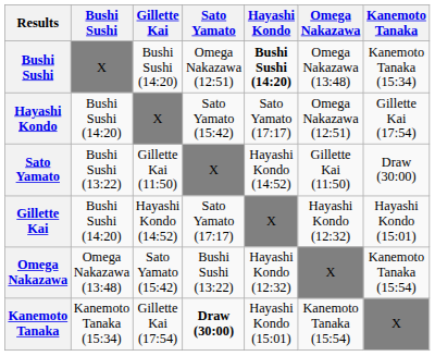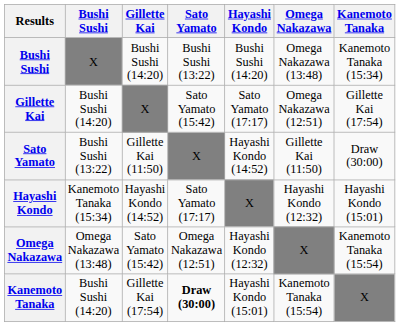 <table class="wikitable" style="text-align:center; margin: 1em auto 1em auto">
 <tr>
 <th>Results</th>
 <th><a href='#'>Bushi</a><br><a href='#'>Sushi</a></th>
 <th><a href='#'>Gillette</a><br><a href='#'>Kai</a></th>
 <th><a href='#'>Sato</a><br><a href='#'>Yamato</a></th>
 <th><a href='#'>Hayashi</a><br><a href='#'>Kondo</a></th>
 <th><a href='#'>Omega</a><br><a href='#'>Nakazawa</a></th>
 <th><a href='#'>Kanemoto</a><br><a href='#'>Tanaka</a></th>
 </tr>
 <tr>
 <th><a href='#'>Bushi</a><br><a href='#'>Sushi</a></th>
 <td bgcolor=grey>X</td>
 <td>Bushi<br>Sushi<br>(14:20)</td>
-<td>Omega<br>Nakazawa<br>(12:51)</td>
-<td><strong>Bushi<br>Sushi<br>(14:20)</strong></td>
+<td>Bushi<br>Sushi<br>(13:22)</td>
+<td>Bushi<br>Sushi<br>(14:20)</td>
 <td>Omega<br>Nakazawa<br>(13:48)</td>
 <td>Kanemoto<br>Tanaka<br>(15:34)</td>
 </tr>
 <tr>
-<th><a href='#'>Hayashi</a><br><a href='#'>Kondo</a></th>
+<th><a href='#'>Gillette</a><br><a href='#'>Kai</a></th>
 <td>Bushi<br>Sushi<br>(14:20)</td>
 <td bgcolor=grey>X</td>
 <td>Sato<br>Yamato<br>(15:42)</td>
 <td>Sato<br>Yamato<br>(17:17)</td>
 <td>Omega<br>Nakazawa<br>(12:51)</td>
 <td>Gillette<br>Kai<br>(17:54)</td>
 </tr>
 <tr>
 <th><a href='#'>Sato</a><br><a href='#'>Yamato</a></th>
 <td>Bushi<br>Sushi<br>(13:22)</td>
 <td>Gillette<br>Kai<br>(11:50)</td>
 <td bgcolor=grey>X</td>
 <td>Hayashi<br>Kondo<br>(14:52)</td>
 <td>Gillette<br>Kai<br>(11:50)</td>
 <td>Draw<br>(30:00)</td>
 </tr>
 <tr>
-<th><a href='#'>Gillette</a><br><a href='#'>Kai</a></th>
-<td>Bushi<br>Sushi<br>(14:20)</td>
+<th><a href='#'>Hayashi</a><br><a href='#'>Kondo</a></th>
+<td>Kanemoto<br>Tanaka<br>(15:34)</td>
 <td>Hayashi<br>Kondo<br>(14:52)</td>
 <td>Sato<br>Yamato<br>(17:17)</td>
 <td bgcolor=grey>X</td>
 <td>Hayashi<br>Kondo<br>(12:32)</td>
 <td>Hayashi<br>Kondo<br>(15:01)</td>
 </tr>
 <tr>
 <th><a href='#'>Omega</a><br><a href='#'>Nakazawa</a></th>
 <td>Omega<br>Nakazawa<br>(13:48)</td>
 <td>Sato<br>Yamato<br>(15:42)</td>
-<td>Bushi<br>Sushi<br>(13:22)</td>
+<td>Omega<br>Nakazawa<br>(12:51)</td>
 <td>Hayashi<br>Kondo<br>(12:32)</td>
 <td bgcolor=grey>X</td>
 <td>Kanemoto<br>Tanaka<br>(15:54)</td>
 </tr>
 <tr>
 <th><a href='#'>Kanemoto</a><br><a href='#'>Tanaka</a></th>
-<td>Kanemoto<br>Tanaka<br>(15:34)</td>
+<td>Bushi<br>Sushi<br>(14:20)</td>
 <td>Gillette<br>Kai<br>(17:54)</td>
 <td><strong>Draw<br>(30:00)</strong></td>
 <td>Hayashi<br>Kondo<br>(15:01)</td>
 <td>Kanemoto<br>Tanaka<br>(15:54)</td>
 <td bgcolor=grey>X</td>
 </tr>
 </table>
